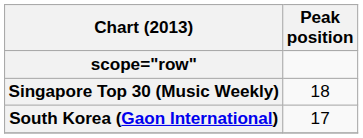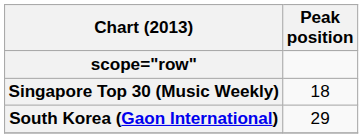 <table class="wikitable sortable plainrowheaders" style="text-align:center;">
 <tr>
 <th scope="col">Chart (2013)</th>
 <th scope="col">Peak<br>position</th>
 </tr>
 <tr>
 <th>scope="row"</th>
 </tr>
 <tr>
 <th scope="row">Singapore Top 30 (Music Weekly)</th>
 <td>18</td>
 </tr>
 <tr>
 <th scope="row">South Korea (<a href='#'>Gaon International</a>)</th>
-<td>17</td>
+<td>29</td>
 </tr>
 <tr>
 </tr>
 </table>
